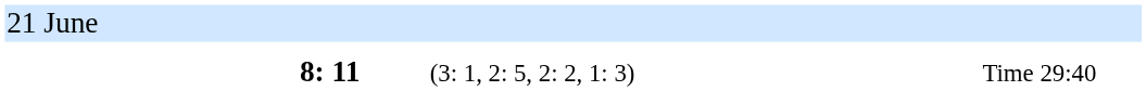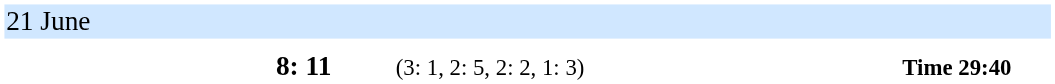 <table style="text-align:center">
 <tr style="text-align:left; background:#d0e7ff;">
 <td colspan=6>21 June</td>
 </tr>
 <tr style="font-size:90%; vertical-align:top;">
 <th width=140></th>
 <th width=60></th>
 <th width=150></th>
 <th width=140></th>
 <th width=100></th>
 </tr>
 <tr>
 <td align=right></td>
 <td><strong>8: 11</strong></td>
 <td><small>(3: 1, 2: 5, 2: 2, 1: 3)</small></td>
 <td align=left><strong></strong></td>
-<td><small>Time 29:40</small></td>
+<td><strong><small>Time 29:40</small></strong></td>
 <td></td>
 </tr>
 </table>
